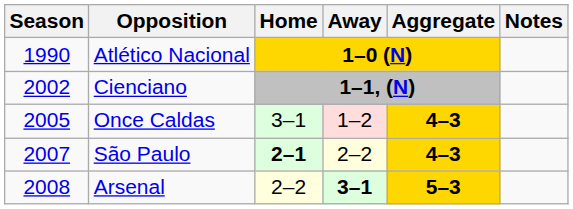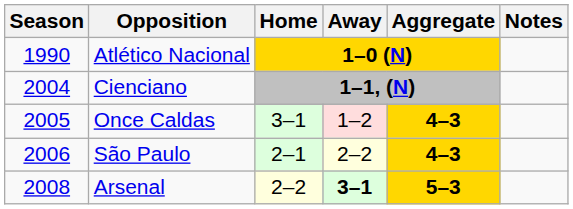 <table class="wikitable sortable">
 <tr>
 <th>Season</th>
 <th>Opposition</th>
 <th>Home</th>
 <th>Away</th>
 <th>Aggregate</th>
 <th>Notes</th>
 </tr>
 <tr>
 <td align=center><a href='#'>1990</a></td>
 <td> <a href='#'>Atlético Nacional</a></td>
 <td bgcolor=Gold colspan="3" style="text-align:center;"><strong>1–0 (<a href='#'>N</a>)</strong></td>
 <td></td>
 </tr>
 <tr>
-<td align=center><a href='#'>2002</a></td>
+<td align=center><a href='#'>2004</a></td>
 <td> <a href='#'>Cienciano</a></td>
 <td bgcolor=silver colspan="3" style="text-align:center;"><strong>1–1,  (<a href='#'>N</a>)</strong></td>
 <td></td>
 </tr>
 <tr>
 <td align=center><a href='#'>2005</a></td>
 <td> <a href='#'>Once Caldas</a></td>
 <td style="text-align:center; background:#dfd;">3–1</td>
 <td style="text-align:center; background:#fdd;">1–2</td>
 <td bgcolor=Gold style="text-align:center;"><strong>4–3</strong></td>
 <td></td>
 </tr>
 <tr>
-<td align=center><a href='#'>2007</a></td>
+<td align=center><a href='#'>2006</a></td>
 <td> <a href='#'>São Paulo</a></td>
-<td style="text-align:center; background:#dfd;"><strong>2–1</strong></td>
+<td style="text-align:center; background:#dfd;">2–1</td>
 <td style="text-align:center; background:#ffd;">2–2</td>
 <td bgcolor=Gold style="text-align:center;"><strong>4–3</strong></td>
 <td></td>
 </tr>
 <tr>
 <td align=center><a href='#'>2008</a></td>
 <td> <a href='#'>Arsenal</a></td>
 <td style="text-align:center; background:#ffd;">2–2</td>
 <td style="text-align:center; background:#dfd;"><strong>3–1</strong></td>
 <td bgcolor=Gold style="text-align:center;"><strong>5–3</strong></td>
 <td></td>
 </tr>
 </table>
